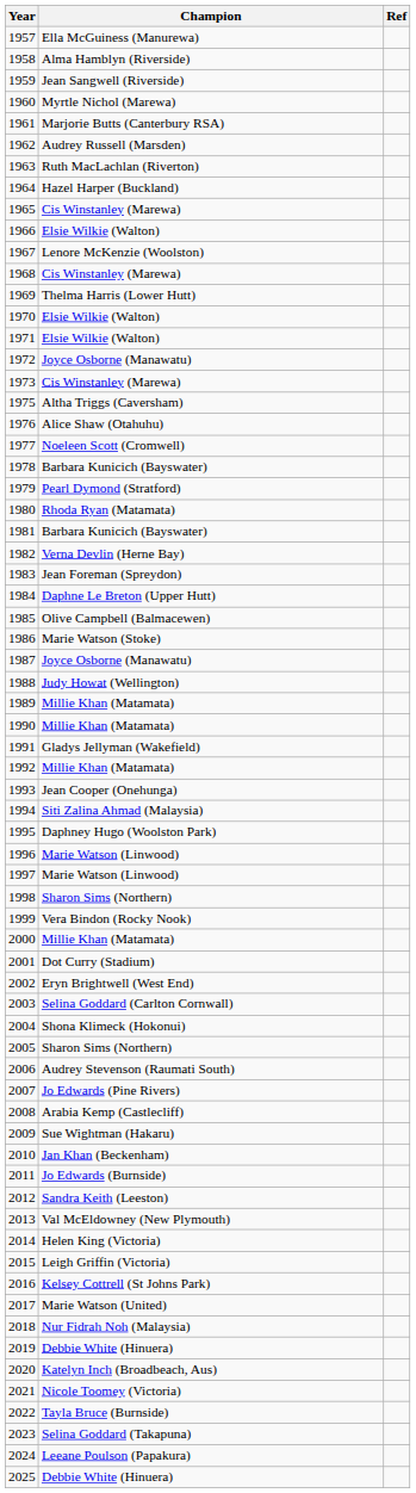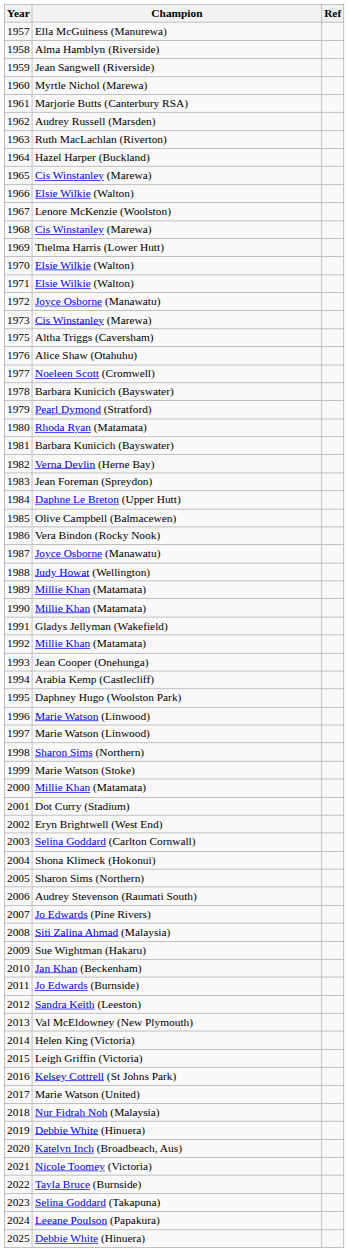 <table class="sortable wikitable">
 <tr>
 <th width="30">Year</th>
 <th width="400">Champion</th>
 <th width="20">Ref</th>
 </tr>
 <tr>
 <td align=center>1957</td>
 <td>Ella McGuiness (Manurewa)</td>
 <td></td>
 </tr>
 <tr>
 <td align=center>1958</td>
 <td>Alma Hamblyn (Riverside)</td>
 <td></td>
 </tr>
 <tr>
 <td align=center>1959</td>
 <td>Jean Sangwell (Riverside)</td>
 <td></td>
 </tr>
 <tr>
 <td align=center>1960</td>
 <td>Myrtle Nichol (Marewa)</td>
 <td></td>
 </tr>
 <tr>
 <td align=center>1961</td>
 <td>Marjorie Butts (Canterbury RSA)</td>
 <td></td>
 </tr>
 <tr>
 <td align=center>1962</td>
 <td>Audrey Russell (Marsden)</td>
 <td></td>
 </tr>
 <tr>
 <td align=center>1963</td>
 <td>Ruth MacLachlan (Riverton)</td>
 <td></td>
 </tr>
 <tr>
 <td align=center>1964</td>
 <td>Hazel Harper (Buckland)</td>
 <td></td>
 </tr>
 <tr>
 <td align=center>1965</td>
 <td><a href='#'>Cis Winstanley</a> (Marewa)</td>
 <td></td>
 </tr>
 <tr>
 <td align=center>1966</td>
 <td><a href='#'>Elsie Wilkie</a> (Walton)</td>
 <td></td>
 </tr>
 <tr>
 <td align=center>1967</td>
 <td>Lenore McKenzie (Woolston)</td>
 <td></td>
 </tr>
 <tr>
 <td align=center>1968</td>
 <td><a href='#'>Cis Winstanley</a> (Marewa)</td>
 <td></td>
 </tr>
 <tr>
 <td align=center>1969</td>
 <td>Thelma Harris (Lower Hutt)</td>
 <td></td>
 </tr>
 <tr>
 <td align=center>1970</td>
 <td><a href='#'>Elsie Wilkie</a> (Walton)</td>
 <td></td>
 </tr>
 <tr>
 <td align=center>1971</td>
 <td><a href='#'>Elsie Wilkie</a> (Walton)</td>
 <td></td>
 </tr>
 <tr>
 <td align=center>1972</td>
 <td><a href='#'>Joyce Osborne</a> (Manawatu)</td>
 <td></td>
 </tr>
 <tr>
 <td align=center>1973</td>
 <td><a href='#'>Cis Winstanley</a> (Marewa)</td>
 <td></td>
 </tr>
 <tr>
 <td align=center>1975</td>
 <td>Altha Triggs (Caversham)</td>
 <td></td>
 </tr>
 <tr>
 <td align=center>1976</td>
 <td>Alice Shaw (Otahuhu)</td>
 <td></td>
 </tr>
 <tr>
 <td align=center>1977</td>
 <td><a href='#'>Noeleen Scott</a> (Cromwell)</td>
 <td></td>
 </tr>
 <tr>
 <td align=center>1978</td>
 <td>Barbara Kunicich (Bayswater)</td>
 <td></td>
 </tr>
 <tr>
 <td align=center>1979</td>
 <td><a href='#'>Pearl Dymond</a> (Stratford)</td>
 <td></td>
 </tr>
 <tr>
 <td align=center>1980</td>
 <td><a href='#'>Rhoda Ryan</a> (Matamata)</td>
 <td></td>
 </tr>
 <tr>
 <td align=center>1981</td>
 <td>Barbara Kunicich (Bayswater)</td>
 <td></td>
 </tr>
 <tr>
 <td align=center>1982</td>
 <td><a href='#'>Verna Devlin</a> (Herne Bay)</td>
 <td></td>
 </tr>
 <tr>
 <td align=center>1983</td>
 <td>Jean Foreman (Spreydon)</td>
 <td></td>
 </tr>
 <tr>
 <td align=center>1984</td>
 <td><a href='#'>Daphne Le Breton</a> (Upper Hutt)</td>
 <td></td>
 </tr>
 <tr>
 <td align=center>1985</td>
 <td>Olive Campbell (Balmacewen)</td>
 <td></td>
 </tr>
 <tr>
 <td align=center>1986</td>
-<td>Marie Watson (Stoke)</td>
+<td>Vera Bindon (Rocky Nook)</td>
 <td></td>
 </tr>
 <tr>
 <td align=center>1987</td>
 <td><a href='#'>Joyce Osborne</a> (Manawatu)</td>
 <td></td>
 </tr>
 <tr>
 <td align=center>1988</td>
 <td><a href='#'>Judy Howat</a> (Wellington)</td>
 <td></td>
 </tr>
 <tr>
 <td align=center>1989</td>
 <td><a href='#'>Millie Khan</a> (Matamata)</td>
 <td></td>
 </tr>
 <tr>
 <td align=center>1990</td>
 <td><a href='#'>Millie Khan</a> (Matamata)</td>
 <td></td>
 </tr>
 <tr>
 <td align=center>1991</td>
 <td>Gladys Jellyman (Wakefield)</td>
 <td></td>
 </tr>
 <tr>
 <td align=center>1992</td>
 <td><a href='#'>Millie Khan</a> (Matamata)</td>
 <td></td>
 </tr>
 <tr>
 <td align=center>1993</td>
 <td>Jean Cooper (Onehunga)</td>
 <td></td>
 </tr>
 <tr>
 <td align=center>1994</td>
-<td><a href='#'>Siti Zalina Ahmad</a> (Malaysia)</td>
+<td>Arabia Kemp (Castlecliff)</td>
 <td></td>
 </tr>
 <tr>
 <td align=center>1995</td>
 <td>Daphney Hugo (Woolston Park)</td>
 <td></td>
 </tr>
 <tr>
 <td align=center>1996</td>
 <td><a href='#'>Marie Watson</a> (Linwood)</td>
 <td></td>
 </tr>
 <tr>
 <td align=center>1997</td>
 <td>Marie Watson (Linwood)</td>
 <td></td>
 </tr>
 <tr>
 <td align=center>1998</td>
 <td><a href='#'>Sharon Sims</a> (Northern)</td>
 <td></td>
 </tr>
 <tr>
 <td align=center>1999</td>
-<td>Vera Bindon (Rocky Nook)</td>
+<td>Marie Watson (Stoke)</td>
 <td></td>
 </tr>
 <tr>
 <td align=center>2000</td>
 <td><a href='#'>Millie Khan</a> (Matamata)</td>
 <td></td>
 </tr>
 <tr>
 <td align=center>2001</td>
 <td>Dot Curry (Stadium)</td>
 <td></td>
 </tr>
 <tr>
 <td align=center>2002</td>
 <td>Eryn Brightwell (West End)</td>
 <td></td>
 </tr>
 <tr>
 <td align=center>2003</td>
 <td><a href='#'>Selina Goddard</a> (Carlton Cornwall)</td>
 <td></td>
 </tr>
 <tr>
 <td align=center>2004</td>
 <td>Shona Klimeck (Hokonui)</td>
 <td></td>
 </tr>
 <tr>
 <td align=center>2005</td>
 <td>Sharon Sims (Northern)</td>
 <td></td>
 </tr>
 <tr>
 <td align=center>2006</td>
 <td>Audrey Stevenson (Raumati South)</td>
 <td></td>
 </tr>
 <tr>
 <td align=center>2007</td>
 <td><a href='#'>Jo Edwards</a> (Pine Rivers)</td>
 <td></td>
 </tr>
 <tr>
 <td align=center>2008</td>
-<td>Arabia Kemp (Castlecliff)</td>
+<td><a href='#'>Siti Zalina Ahmad</a> (Malaysia)</td>
 <td></td>
 </tr>
 <tr>
 <td align=center>2009</td>
 <td>Sue Wightman (Hakaru)</td>
 <td></td>
 </tr>
 <tr>
 <td align=center>2010</td>
 <td><a href='#'>Jan Khan</a> (Beckenham)</td>
 <td></td>
 </tr>
 <tr>
 <td align=center>2011</td>
 <td><a href='#'>Jo Edwards</a> (Burnside)</td>
 <td></td>
 </tr>
 <tr>
 <td align=center>2012</td>
 <td><a href='#'>Sandra Keith</a> (Leeston)</td>
 <td></td>
 </tr>
 <tr>
 <td align=center>2013</td>
 <td>Val McEldowney (New Plymouth)</td>
 <td></td>
 </tr>
 <tr>
 <td align=center>2014</td>
 <td>Helen King (Victoria)</td>
 <td></td>
 </tr>
 <tr>
 <td align=center>2015</td>
 <td>Leigh Griffin (Victoria)</td>
 <td></td>
 </tr>
 <tr>
 <td align=center>2016</td>
 <td><a href='#'>Kelsey Cottrell</a> (St Johns Park)</td>
 <td></td>
 </tr>
 <tr>
 <td align=center>2017</td>
 <td>Marie Watson (United)</td>
 <td></td>
 </tr>
 <tr>
 <td align=center>2018</td>
 <td><a href='#'>Nur Fidrah Noh</a> (Malaysia)</td>
 <td></td>
 </tr>
 <tr>
 <td align=center>2019</td>
 <td><a href='#'>Debbie White</a> (Hinuera)</td>
 <td></td>
 </tr>
 <tr>
 <td align=center>2020</td>
 <td><a href='#'>Katelyn Inch</a> (Broadbeach, Aus)</td>
 <td></td>
 </tr>
 <tr>
 <td align=center>2021</td>
 <td><a href='#'>Nicole Toomey</a> (Victoria)</td>
 <td></td>
 </tr>
 <tr>
 <td align=center>2022</td>
 <td><a href='#'>Tayla Bruce</a> (Burnside)</td>
 <td></td>
 </tr>
 <tr>
 <td align=center>2023</td>
 <td><a href='#'>Selina Goddard</a> (Takapuna)</td>
 <td></td>
 </tr>
 <tr>
 <td align=center>2024</td>
 <td><a href='#'>Leeane Poulson</a> (Papakura)</td>
 <td></td>
 </tr>
 <tr>
 <td align=center>2025</td>
 <td><a href='#'>Debbie White</a> (Hinuera)</td>
 <td></td>
 </tr>
 </table>
